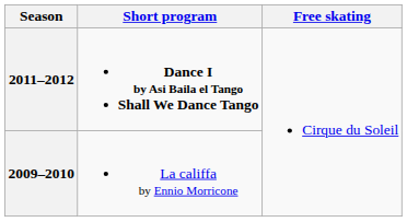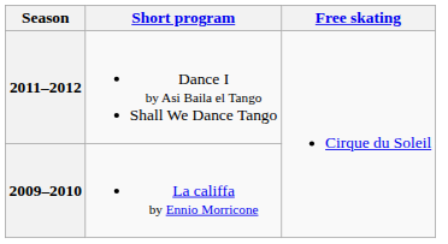 <table class=wikitable style=text-align:center>
 <tr>
 <th>Season</th>
 <th><a href='#'>Short program</a></th>
 <th><a href='#'>Free skating</a></th>
 </tr>
 <tr>
 <th>2011–2012 <br> </th>
-<td><strong><br><ul><li>Dance I <br><small> by Asi Baila el Tango </small></li><li>Shall We Dance Tango</li></ul></strong></td>
+<td><br><ul><li>Dance I <br><small> by Asi Baila el Tango </small></li><li>Shall We Dance Tango</li></ul></td>
 <td rowspan=2><br><ul><li><a href='#'>Cirque du Soleil</a></li></ul></td>
 </tr>
 <tr>
 <th>2009–2010 <br> </th>
 <td><br><ul><li><a href='#'>La califfa</a> <br><small> by <a href='#'>Ennio Morricone</a> </small></li></ul></td>
 </tr>
 </table>
